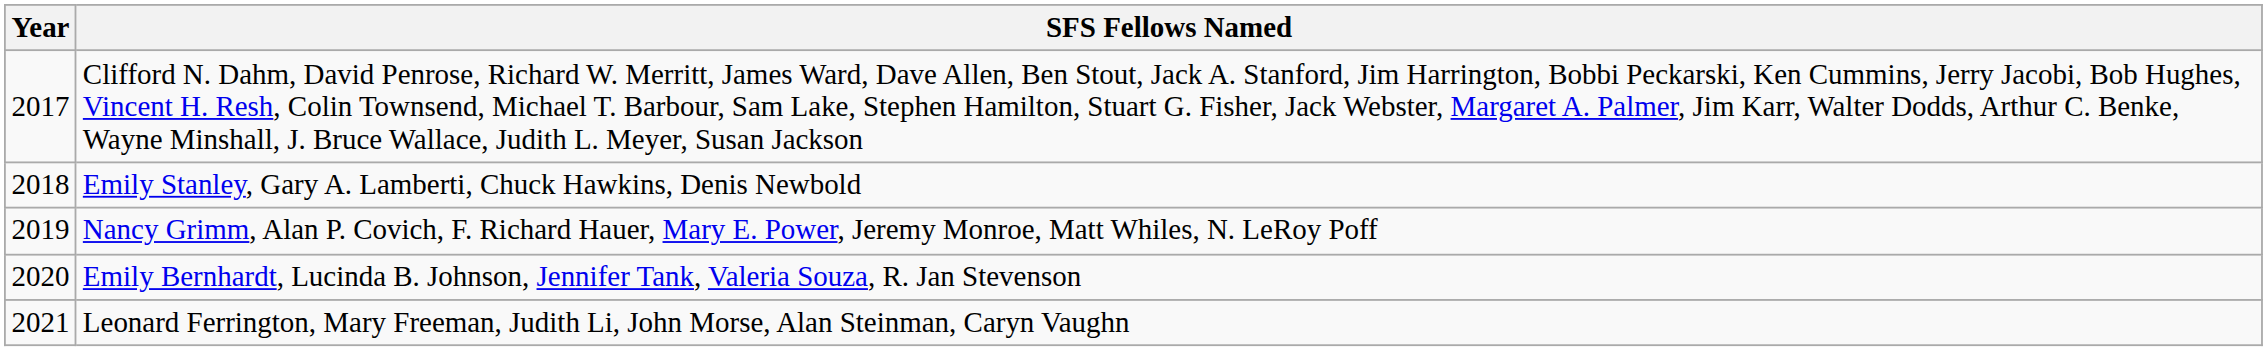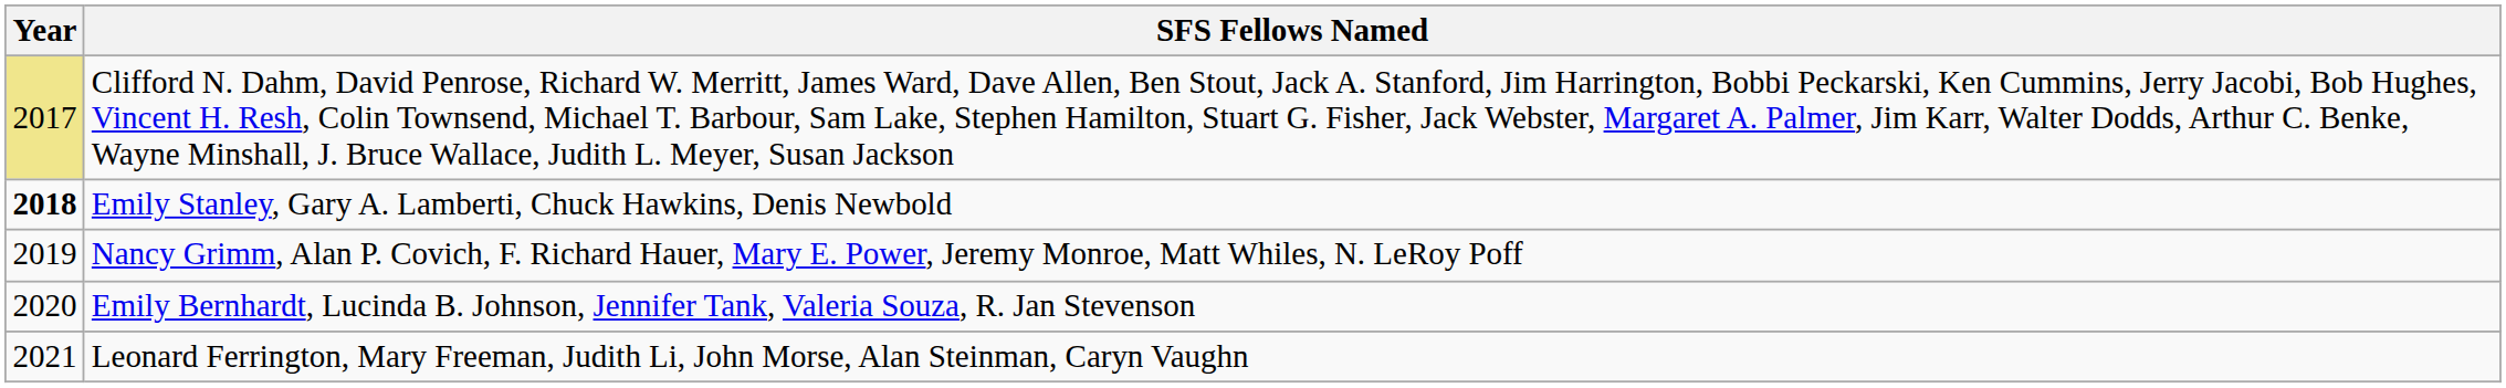 <table class="wikitable">
 <tr>
 <th>Year</th>
 <th>SFS Fellows Named</th>
 </tr>
 <tr>
-<td>2017</td>
+<td style="background: khaki;">2017</td>
 <td>Clifford N. Dahm, David Penrose, Richard W. Merritt, James Ward, Dave Allen, Ben Stout, Jack A. Stanford, Jim Harrington, Bobbi Peckarski, Ken Cummins, Jerry Jacobi, Bob Hughes, <a href='#'>Vincent H. Resh</a>, Colin Townsend, Michael T. Barbour, Sam Lake, Stephen Hamilton, Stuart G. Fisher, Jack Webster, <a href='#'>Margaret A. Palmer</a>, Jim Karr, Walter Dodds, Arthur C. Benke, Wayne Minshall, J. Bruce Wallace, Judith L. Meyer, Susan Jackson</td>
 </tr>
 <tr>
-<td>2018</td>
+<td><strong>2018</strong></td>
 <td><a href='#'>Emily Stanley</a>, Gary A. Lamberti, Chuck Hawkins, Denis Newbold</td>
 </tr>
 <tr>
 <td>2019</td>
 <td><a href='#'>Nancy Grimm</a>, Alan P. Covich, F. Richard Hauer, <a href='#'>Mary E. Power</a>, Jeremy Monroe, Matt Whiles, N. LeRoy Poff</td>
 </tr>
 <tr>
 <td>2020</td>
 <td><a href='#'>Emily Bernhardt</a>, Lucinda B. Johnson, <a href='#'>Jennifer Tank</a>, <a href='#'>Valeria Souza</a>, R. Jan Stevenson</td>
 </tr>
 <tr>
 <td>2021</td>
 <td>Leonard Ferrington, Mary Freeman, Judith Li, John Morse, Alan Steinman, Caryn Vaughn</td>
 </tr>
 </table>
